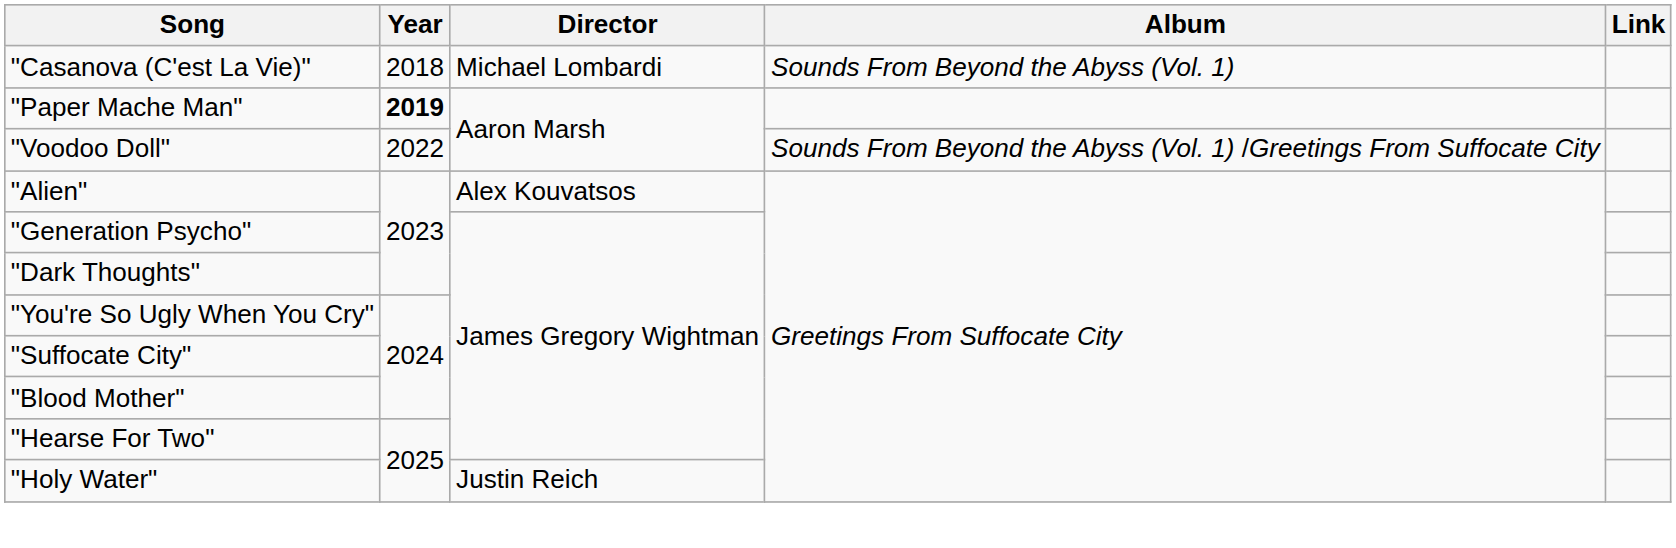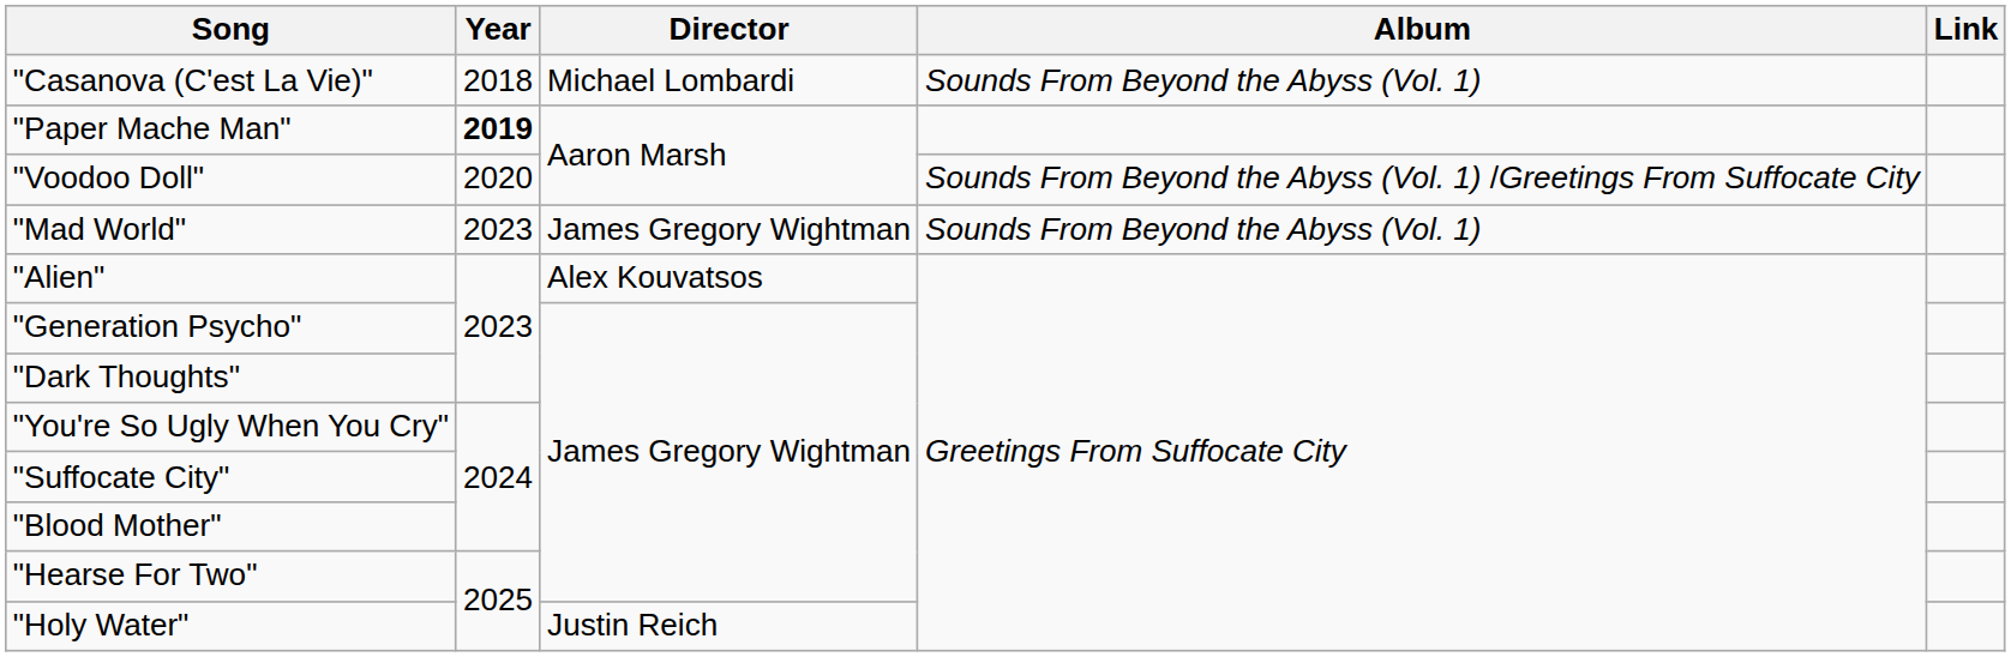 <table class="wikitable plainrowheaders">
 <tr>
 <th scope="col">Song</th>
 <th scope="col">Year</th>
 <th scope="col">Director</th>
 <th scope="col">Album</th>
 <th scope="col">Link</th>
 </tr>
 <tr>
 <td>"Casanova (C'est La Vie)"</td>
 <td>2018</td>
 <td>Michael Lombardi</td>
 <td><em>Sounds From Beyond the Abyss (Vol. 1)</em></td>
 <td></td>
 </tr>
 <tr>
 <td>"Paper Mache Man"</td>
 <td><strong>2019</strong></td>
 <td rowspan="2">Aaron Marsh</td>
 <td></td>
 <td></td>
 </tr>
 <tr>
 <td>"Voodoo Doll"</td>
-<td>2022</td>
+<td>2020</td>
 <td><em>Sounds From Beyond the Abyss (Vol. 1)</em> /<em>Greetings From Suffocate City</em></td>
+<td></td>
+</tr>
+<tr>
+<td>"Mad World"</td>
+<td>2023</td>
+<td>James Gregory Wightman</td>
+<td><em>Sounds From Beyond the Abyss (Vol. 1)</em></td>
 <td></td>
 </tr>
 <tr>
 <td>"Alien"</td>
 <td rowspan="3">2023</td>
 <td>Alex Kouvatsos</td>
 <td rowspan="8"><em>Greetings From Suffocate City</em></td>
 <td></td>
 </tr>
 <tr>
 <td>"Generation Psycho"</td>
 <td rowspan="6">James Gregory Wightman</td>
 <td></td>
 </tr>
 <tr>
 <td>"Dark Thoughts"</td>
 <td></td>
 </tr>
 <tr>
 <td>"You're So Ugly When You Cry"</td>
 <td rowspan="3">2024</td>
 <td></td>
 </tr>
 <tr>
 <td>"Suffocate City"</td>
 <td></td>
 </tr>
 <tr>
 <td>"Blood Mother"</td>
 <td></td>
 </tr>
 <tr>
 <td>"Hearse For Two"</td>
 <td rowspan="2">2025</td>
 <td></td>
 </tr>
 <tr>
 <td>"Holy Water"</td>
 <td>Justin Reich</td>
 </tr>
 </table>
